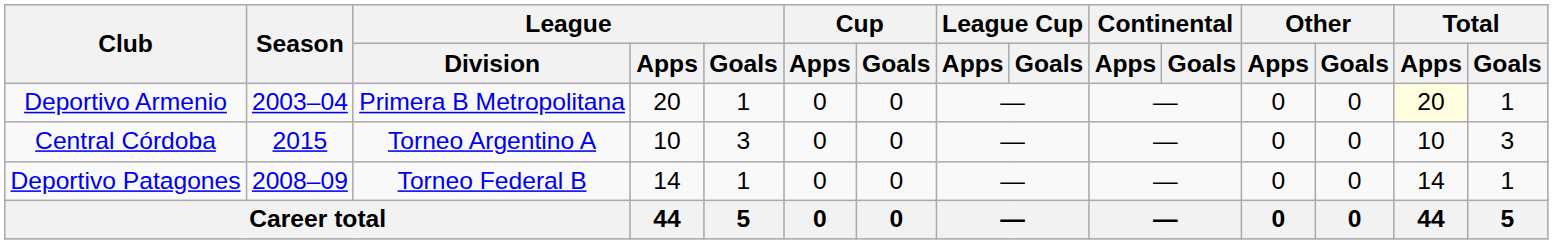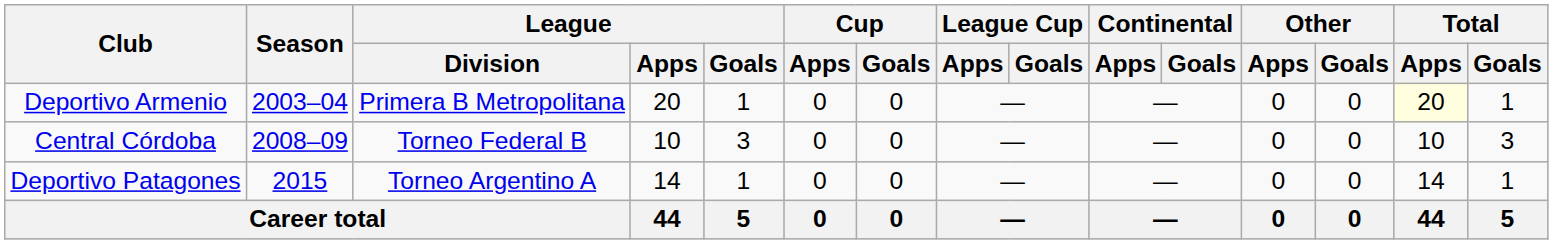 <table class="wikitable" style="text-align:center">
 <tr>
 <th rowspan="2">Club</th>
 <th rowspan="2">Season</th>
 <th colspan="3">League</th>
 <th colspan="2">Cup</th>
 <th colspan="2">League Cup</th>
 <th colspan="2">Continental</th>
 <th colspan="2">Other</th>
 <th colspan="2">Total</th>
 </tr>
 <tr>
 <th>Division</th>
 <th>Apps</th>
 <th>Goals</th>
 <th>Apps</th>
 <th>Goals</th>
 <th>Apps</th>
 <th>Goals</th>
 <th>Apps</th>
 <th>Goals</th>
 <th>Apps</th>
 <th>Goals</th>
 <th>Apps</th>
 <th>Goals</th>
 </tr>
 <tr>
 <td rowspan="1"><a href='#'>Deportivo Armenio</a></td>
 <td><a href='#'>2003–04</a></td>
 <td rowspan="1"><a href='#'>Primera B Metropolitana</a></td>
 <td>20</td>
 <td>1</td>
 <td>0</td>
 <td>0</td>
 <td colspan="2">—</td>
 <td colspan="2">—</td>
 <td>0</td>
 <td>0</td>
 <td style="background: lightyellow;">20</td>
 <td>1</td>
 </tr>
 <tr>
 <td rowspan="1"><a href='#'>Central Córdoba</a></td>
-<td><a href='#'>2015</a></td>
-<td rowspan="1"><a href='#'>Torneo Argentino A</a></td>
+<td><a href='#'>2008–09</a></td>
+<td rowspan="1"><a href='#'>Torneo Federal B</a></td>
 <td>10</td>
 <td>3</td>
 <td>0</td>
 <td>0</td>
 <td colspan="2">—</td>
 <td colspan="2">—</td>
 <td>0</td>
 <td>0</td>
 <td>10</td>
 <td>3</td>
 </tr>
 <tr>
 <td rowspan="1"><a href='#'>Deportivo Patagones</a></td>
-<td><a href='#'>2008–09</a></td>
-<td rowspan="1"><a href='#'>Torneo Federal B</a></td>
+<td><a href='#'>2015</a></td>
+<td rowspan="1"><a href='#'>Torneo Argentino A</a></td>
 <td>14</td>
 <td>1</td>
 <td>0</td>
 <td>0</td>
 <td colspan="2">—</td>
 <td colspan="2">—</td>
 <td>0</td>
 <td>0</td>
 <td>14</td>
 <td>1</td>
 </tr>
 <tr>
 <th colspan="3">Career total</th>
 <th>44</th>
 <th>5</th>
 <th>0</th>
 <th>0</th>
 <th colspan="2">—</th>
 <th colspan="2">—</th>
 <th>0</th>
 <th>0</th>
 <th>44</th>
 <th>5</th>
 </tr>
 </table>
